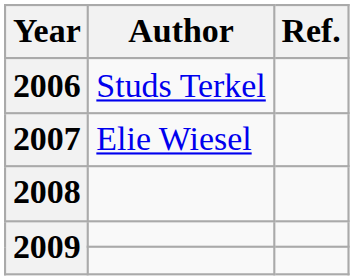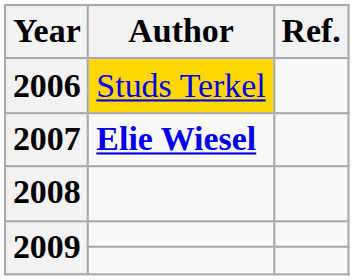 <table class="wikitable sortable mw-collapsible">
 <tr>
 <th>Year</th>
 <th>Author</th>
 <th>Ref.</th>
 </tr>
 <tr>
 <th>2006</th>
-<td><a href='#'>Studs Terkel</a></td>
+<td style="background: gold;"><a href='#'>Studs Terkel</a></td>
 <td></td>
 </tr>
 <tr>
 <th>2007</th>
-<td><a href='#'>Elie Wiesel</a></td>
+<td><strong><a href='#'>Elie Wiesel</a></strong></td>
 <td></td>
 </tr>
 <tr>
 <th>2008</th>
 <td></td>
 <td></td>
 </tr>
 <tr>
 <th rowspan="2">2009</th>
 <td></td>
 <td></td>
 </tr>
 <tr>
 <td></td>
 <td></td>
 </tr>
 </table>
